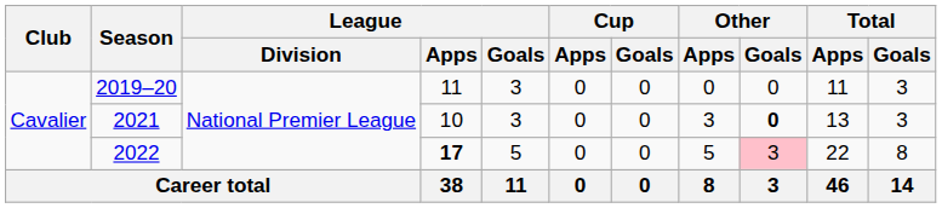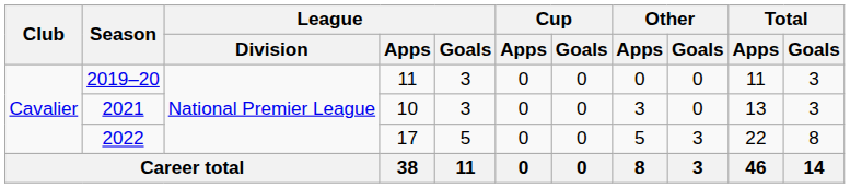 <table class="wikitable" style="text-align: center">
 <tr>
 <th rowspan="2">Club</th>
 <th rowspan="2">Season</th>
 <th colspan="3">League</th>
 <th colspan="2">Cup</th>
 <th colspan="2">Other</th>
 <th colspan="2">Total</th>
 </tr>
 <tr>
 <th>Division</th>
 <th>Apps</th>
 <th>Goals</th>
 <th>Apps</th>
 <th>Goals</th>
 <th>Apps</th>
 <th>Goals</th>
 <th>Apps</th>
 <th>Goals</th>
 </tr>
 <tr>
 <td rowspan="3"><a href='#'>Cavalier</a></td>
 <td><a href='#'>2019–20</a></td>
 <td rowspan="3"><a href='#'>National Premier League</a></td>
 <td>11</td>
 <td>3</td>
 <td>0</td>
 <td>0</td>
 <td>0</td>
 <td>0</td>
 <td>11</td>
 <td>3</td>
 </tr>
 <tr>
 <td><a href='#'>2021</a></td>
 <td>10</td>
 <td>3</td>
 <td>0</td>
 <td>0</td>
 <td>3</td>
-<td><strong>0</strong></td>
+<td>0</td>
 <td>13</td>
 <td>3</td>
 </tr>
 <tr>
 <td><a href='#'>2022</a></td>
-<td><strong>17</strong></td>
+<td>17</td>
 <td>5</td>
 <td>0</td>
 <td>0</td>
 <td>5</td>
-<td style="background: pink;">3</td>
+<td>3</td>
 <td>22</td>
 <td>8</td>
 </tr>
 <tr>
 <th colspan="3">Career total</th>
 <th>38</th>
 <th>11</th>
 <th>0</th>
 <th>0</th>
 <th>8</th>
 <th>3</th>
 <th>46</th>
 <th>14</th>
 </tr>
 </table>
